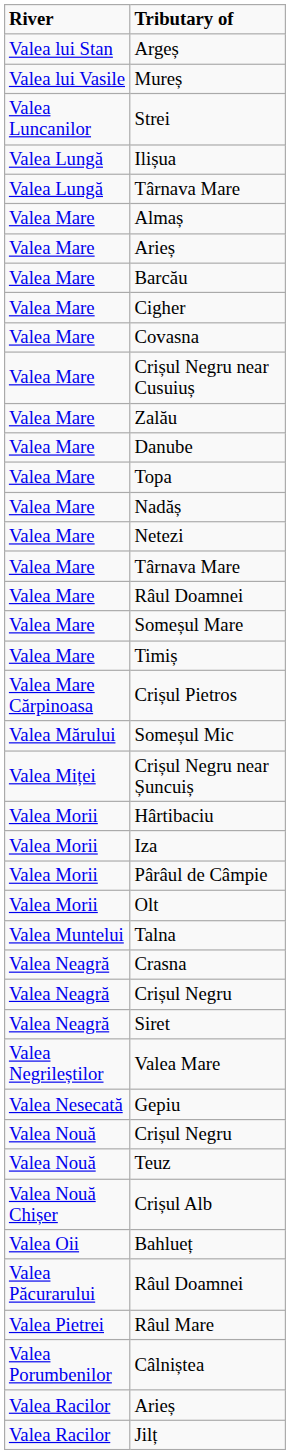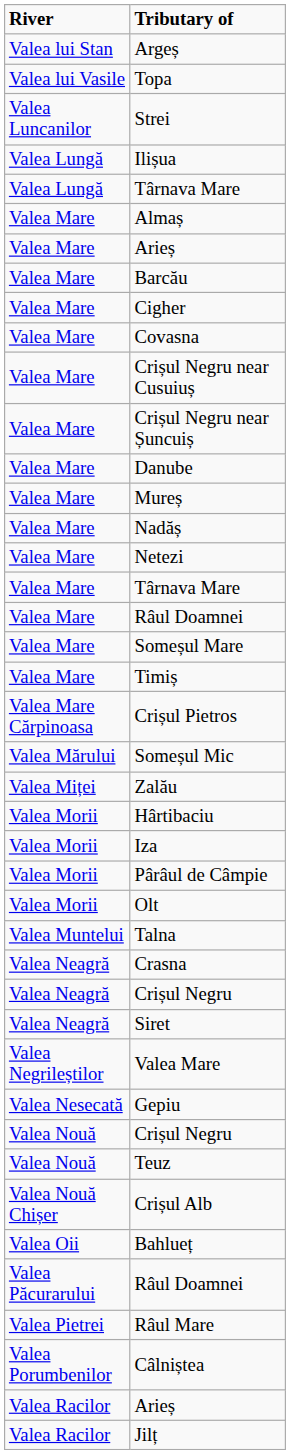 <table class="wikitable">
 <tr>
 <td width="100pt"><strong>River</strong></td>
 <td width="125pt"><strong>Tributary of</strong></td>
 </tr>
 <tr>
 <td><a href='#'>Valea lui Stan</a></td>
 <td>Argeș</td>
 </tr>
 <tr>
 <td><a href='#'>Valea lui Vasile</a></td>
-<td>Mureș</td>
+<td>Topa</td>
 </tr>
 <tr>
 <td><a href='#'>Valea Luncanilor</a></td>
 <td>Strei</td>
 </tr>
 <tr>
 <td><a href='#'>Valea Lungă</a></td>
 <td>Ilișua</td>
 </tr>
 <tr>
 <td><a href='#'>Valea Lungă</a></td>
 <td>Târnava Mare</td>
 </tr>
 <tr>
 <td><a href='#'>Valea Mare</a></td>
 <td>Almaș</td>
 </tr>
 <tr>
 <td><a href='#'>Valea Mare</a></td>
 <td>Arieș</td>
 </tr>
 <tr>
 <td><a href='#'>Valea Mare</a></td>
 <td>Barcău</td>
 </tr>
 <tr>
 <td><a href='#'>Valea Mare</a></td>
 <td>Cigher</td>
 </tr>
 <tr>
 <td><a href='#'>Valea Mare</a></td>
 <td>Covasna</td>
 </tr>
 <tr>
 <td><a href='#'>Valea Mare</a></td>
 <td>Crișul Negru near Cusuiuș</td>
 </tr>
 <tr>
 <td><a href='#'>Valea Mare</a></td>
-<td>Zalău</td>
+<td>Crișul Negru near Șuncuiș</td>
 </tr>
 <tr>
 <td><a href='#'>Valea Mare</a></td>
 <td>Danube</td>
 </tr>
 <tr>
 <td><a href='#'>Valea Mare</a></td>
-<td>Topa</td>
+<td>Mureș</td>
 </tr>
 <tr>
 <td><a href='#'>Valea Mare</a></td>
 <td>Nadăș</td>
 </tr>
 <tr>
 <td><a href='#'>Valea Mare</a></td>
 <td>Netezi</td>
 </tr>
 <tr>
 <td><a href='#'>Valea Mare</a></td>
 <td>Târnava Mare</td>
 </tr>
 <tr>
 <td><a href='#'>Valea Mare</a></td>
 <td>Râul Doamnei</td>
 </tr>
 <tr>
 <td><a href='#'>Valea Mare</a></td>
 <td>Someșul Mare</td>
 </tr>
 <tr>
 <td><a href='#'>Valea Mare</a></td>
 <td>Timiș</td>
 </tr>
 <tr>
 <td><a href='#'>Valea Mare Cărpinoasa</a></td>
 <td>Crișul Pietros</td>
 </tr>
 <tr>
 <td><a href='#'>Valea Mărului</a></td>
 <td>Someșul Mic</td>
 </tr>
 <tr>
 <td><a href='#'>Valea Miței</a></td>
-<td>Crișul Negru near Șuncuiș</td>
+<td>Zalău</td>
 </tr>
 <tr>
 <td><a href='#'>Valea Morii</a></td>
 <td>Hârtibaciu</td>
 </tr>
 <tr>
 <td><a href='#'>Valea Morii</a></td>
 <td>Iza</td>
 </tr>
 <tr>
 <td><a href='#'>Valea Morii</a></td>
 <td>Pârâul de Câmpie</td>
 </tr>
 <tr>
 <td><a href='#'>Valea Morii</a></td>
 <td>Olt</td>
 </tr>
 <tr>
 <td><a href='#'>Valea Muntelui</a></td>
 <td>Talna</td>
 </tr>
 <tr>
 <td><a href='#'>Valea Neagră</a></td>
 <td>Crasna</td>
 </tr>
 <tr>
 <td><a href='#'>Valea Neagră</a></td>
 <td>Crișul Negru</td>
 </tr>
 <tr>
 <td><a href='#'>Valea Neagră</a></td>
 <td>Siret</td>
 </tr>
 <tr>
 <td><a href='#'>Valea Negrileștilor</a></td>
 <td>Valea Mare</td>
 </tr>
 <tr>
 <td><a href='#'>Valea Nesecată</a></td>
 <td>Gepiu</td>
 </tr>
 <tr>
 <td><a href='#'>Valea Nouă</a></td>
 <td>Crișul Negru</td>
 </tr>
 <tr>
 <td><a href='#'>Valea Nouă</a></td>
 <td>Teuz</td>
 </tr>
 <tr>
 <td><a href='#'>Valea Nouă Chișer</a></td>
 <td>Crișul Alb</td>
 </tr>
 <tr>
 <td><a href='#'>Valea Oii</a></td>
 <td>Bahlueț</td>
 </tr>
 <tr>
 <td><a href='#'>Valea Păcurarului</a></td>
 <td>Râul Doamnei</td>
 </tr>
 <tr>
 <td><a href='#'>Valea Pietrei</a></td>
 <td>Râul Mare</td>
 </tr>
 <tr>
 <td><a href='#'>Valea Porumbenilor</a></td>
 <td>Câlniștea</td>
 </tr>
 <tr>
 <td><a href='#'>Valea Racilor</a></td>
 <td>Arieș</td>
 </tr>
 <tr>
 <td><a href='#'>Valea Racilor</a></td>
 <td>Jilț</td>
 </tr>
 </table>
